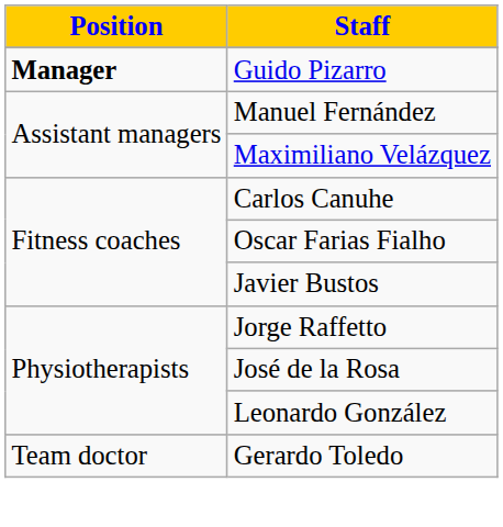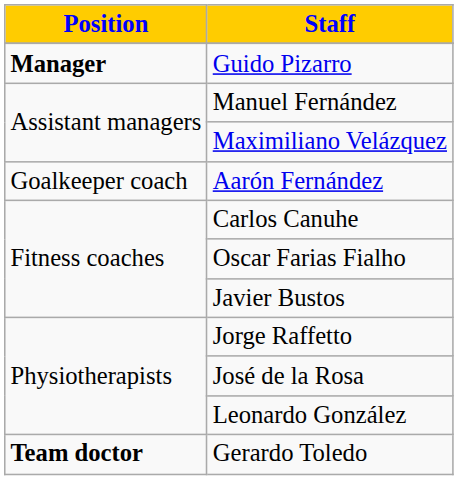 <table class="wikitable">
 <tr>
 <th style=background-color:#FFCC00;color:blue>Position</th>
 <th style=background-color:#FFCC00;color:blue>Staff</th>
 </tr>
 <tr>
 </tr>
 <tr>
 <td><strong>Manager</strong></td>
 <td> <a href='#'>Guido Pizarro</a></td>
 </tr>
 <tr>
 <td rowspan="2">Assistant managers</td>
 <td> Manuel Fernández</td>
 </tr>
 <tr>
 <td> <a href='#'>Maximiliano Velázquez</a></td>
+</tr>
+<tr>
+<td>Goalkeeper coach</td>
+<td> <a href='#'>Aarón Fernández</a></td>
 </tr>
 <tr>
 <td rowspan="3">Fitness coaches</td>
 <td> Carlos Canuhe</td>
 </tr>
 <tr>
 <td> Oscar Farias Fialho</td>
 </tr>
 <tr>
 <td> Javier Bustos</td>
 </tr>
 <tr>
 <td rowspan="3">Physiotherapists</td>
 <td> Jorge Raffetto</td>
 </tr>
 <tr>
 <td> José de la Rosa</td>
 </tr>
 <tr>
 <td> Leonardo González</td>
 </tr>
 <tr>
-<td>Team doctor</td>
+<td><strong>Team doctor</strong></td>
 <td> Gerardo Toledo</td>
 </tr>
 </table>
